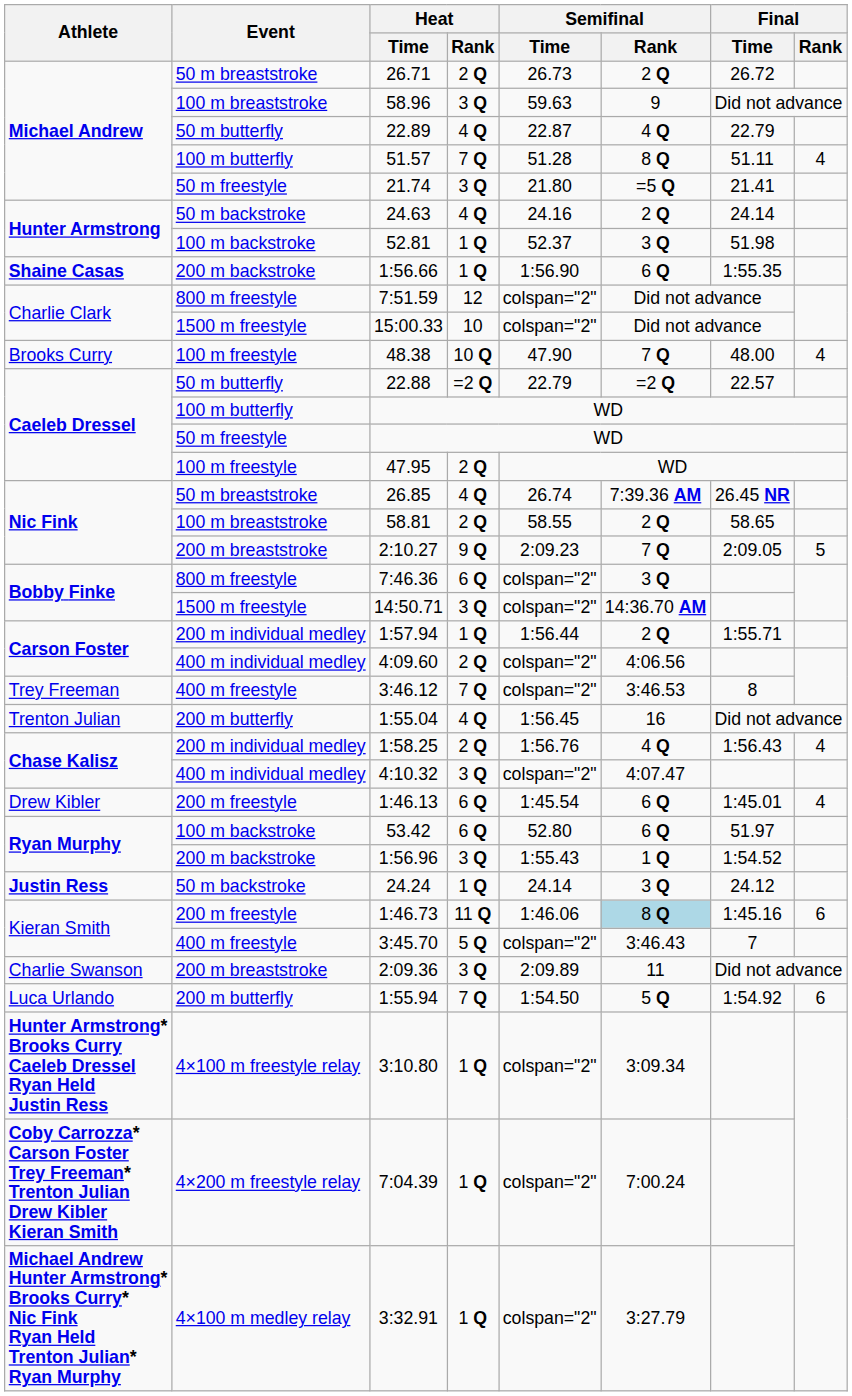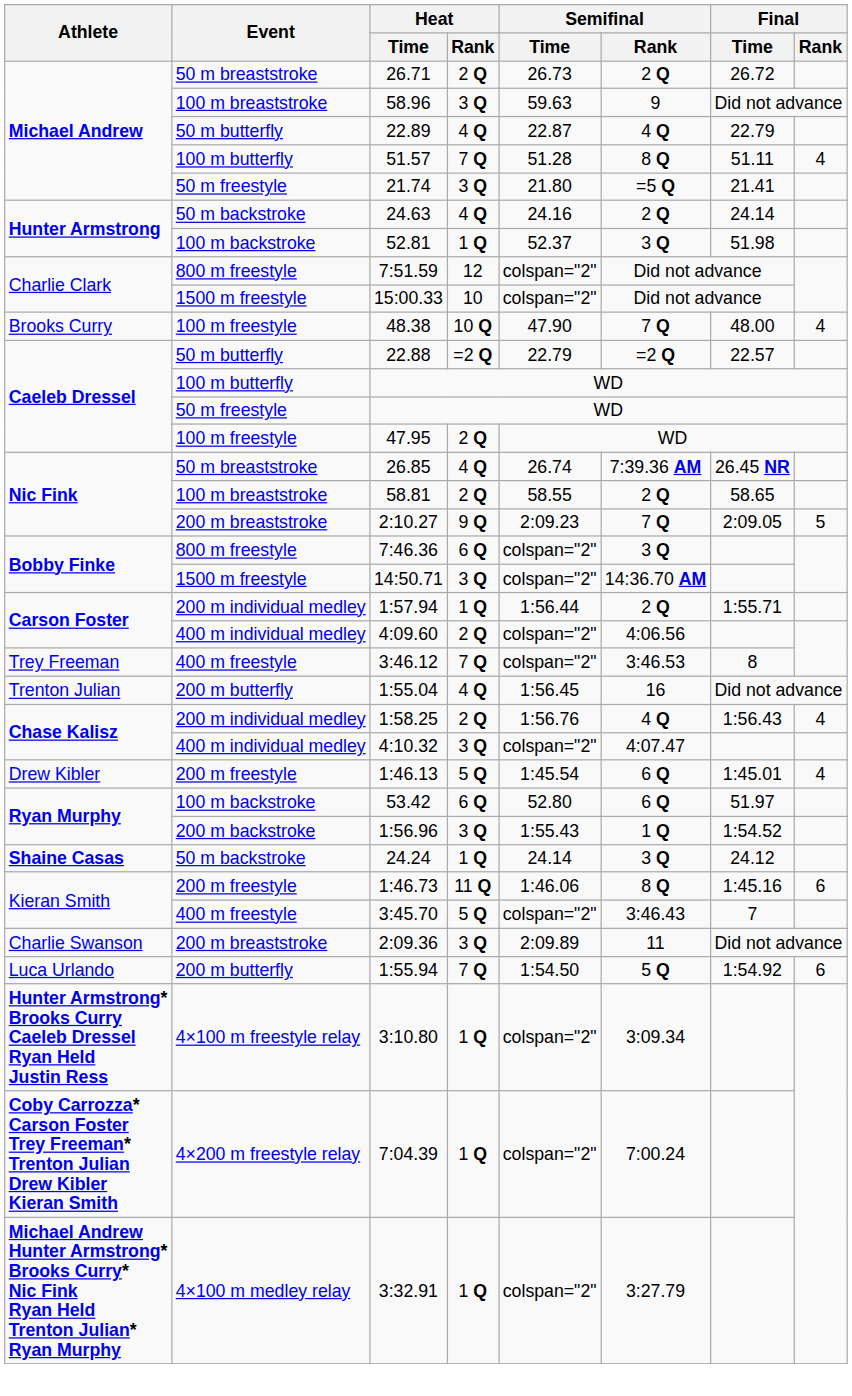 <table class="wikitable" style="font-size:90%;">
 <tr>
 <th rowspan="2">Athlete</th>
 <th rowspan="2">Event</th>
 <th colspan="2">Heat</th>
 <th colspan="2">Semifinal</th>
 <th colspan="2">Final</th>
 </tr>
 <tr>
 <th>Time</th>
 <th>Rank</th>
 <th>Time</th>
 <th>Rank</th>
 <th>Time</th>
 <th>Rank</th>
 </tr>
 <tr align="center">
 <td rowspan="5" align="left"><a href='#'><strong>Michael Andrew</strong></a></td>
 <td align="left"><a href='#'>50 m breaststroke</a></td>
 <td>26.71</td>
 <td>2 <strong>Q</strong></td>
 <td>26.73</td>
 <td>2 <strong>Q</strong></td>
 <td>26.72</td>
 <td></td>
 </tr>
 <tr align="center">
 <td align="left"><a href='#'>100 m breaststroke</a></td>
 <td>58.96</td>
 <td>3 <strong>Q</strong></td>
 <td>59.63</td>
 <td>9</td>
 <td colspan="2">Did not advance</td>
 </tr>
 <tr align="center">
 <td align="left"><a href='#'>50 m butterfly</a></td>
 <td>22.89</td>
 <td>4 <strong>Q</strong></td>
 <td>22.87</td>
 <td>4 <strong>Q</strong></td>
 <td>22.79</td>
 <td></td>
 </tr>
 <tr align="center">
 <td align="left"><a href='#'>100 m butterfly</a></td>
 <td>51.57</td>
 <td>7 <strong>Q</strong></td>
 <td>51.28</td>
 <td>8 <strong>Q</strong></td>
 <td>51.11</td>
 <td>4</td>
 </tr>
 <tr align="center">
 <td align="left"><a href='#'>50 m freestyle</a></td>
 <td>21.74</td>
 <td>3 <strong>Q</strong></td>
 <td>21.80</td>
 <td>=5 <strong>Q</strong></td>
 <td>21.41</td>
 <td></td>
 </tr>
 <tr align="center">
 <td rowspan="2" align="left"><strong><a href='#'>Hunter Armstrong</a></strong></td>
 <td align="left"><a href='#'>50 m backstroke</a></td>
 <td>24.63</td>
 <td>4 <strong>Q</strong></td>
 <td>24.16</td>
 <td>2 <strong>Q</strong></td>
 <td>24.14</td>
 <td></td>
 </tr>
 <tr align="center">
 <td align="left"><a href='#'>100 m backstroke</a></td>
 <td>52.81</td>
 <td>1 <strong>Q</strong></td>
 <td>52.37</td>
 <td>3 <strong>Q</strong></td>
 <td>51.98</td>
-<td></td>
-</tr>
-<tr align="center">
-<td align="left"><strong><a href='#'>Shaine Casas</a></strong></td>
-<td align="left"><a href='#'>200 m backstroke</a></td>
-<td>1:56.66</td>
-<td>1 <strong>Q</strong></td>
-<td>1:56.90</td>
-<td>6 <strong>Q</strong></td>
-<td>1:55.35</td>
 <td></td>
 </tr>
 <tr align="center">
 <td rowspan="2" align="left"><a href='#'>Charlie Clark</a></td>
 <td align="left"><a href='#'>800 m freestyle</a></td>
 <td>7:51.59</td>
 <td>12</td>
 <td>colspan="2" </td>
 <td colspan="2">Did not advance</td>
 </tr>
 <tr align="center">
 <td align="left"><a href='#'>1500 m freestyle</a></td>
 <td>15:00.33</td>
 <td>10</td>
 <td>colspan="2" </td>
 <td colspan="2">Did not advance</td>
 </tr>
 <tr align="center">
 <td align="left"><a href='#'>Brooks Curry</a></td>
 <td align="left"><a href='#'>100 m freestyle</a></td>
 <td>48.38</td>
 <td>10 <strong>Q</strong></td>
 <td>47.90</td>
 <td>7 <strong>Q</strong></td>
 <td>48.00</td>
 <td>4</td>
 </tr>
 <tr align="center">
 <td rowspan="4" align="left"><strong><a href='#'>Caeleb Dressel</a></strong></td>
 <td align="left"><a href='#'>50 m butterfly</a></td>
 <td>22.88</td>
 <td>=2 <strong>Q</strong></td>
 <td>22.79</td>
 <td>=2 <strong>Q</strong></td>
 <td>22.57</td>
 <td></td>
 </tr>
 <tr align="center">
 <td align="left"><a href='#'>100 m butterfly</a></td>
 <td colspan="6">WD</td>
 </tr>
 <tr align="center">
 <td align="left"><a href='#'>50 m freestyle</a></td>
 <td colspan="6">WD</td>
 </tr>
 <tr align="center">
 <td align="left"><a href='#'>100 m freestyle</a></td>
 <td>47.95</td>
 <td>2 <strong>Q</strong></td>
 <td colspan="4">WD</td>
 </tr>
 <tr align="center">
 <td rowspan="3" align="left"><strong><a href='#'>Nic Fink</a></strong></td>
 <td align="left"><a href='#'>50 m breaststroke</a></td>
 <td>26.85</td>
 <td>4 <strong>Q</strong></td>
 <td>26.74</td>
 <td>7:39.36 <strong><a href='#'>AM</a></strong></td>
 <td>26.45 <strong><a href='#'>NR</a></strong></td>
 <td></td>
 </tr>
 <tr align="center">
 <td align="left"><a href='#'>100 m breaststroke</a></td>
 <td>58.81</td>
 <td>2 <strong>Q</strong></td>
 <td>58.55</td>
 <td>2 <strong>Q</strong></td>
 <td>58.65</td>
 <td></td>
 </tr>
 <tr align="center">
 <td align="left"><a href='#'>200 m breaststroke</a></td>
 <td>2:10.27</td>
 <td>9 <strong>Q</strong></td>
 <td>2:09.23</td>
 <td>7 <strong>Q</strong></td>
 <td>2:09.05</td>
 <td>5</td>
 </tr>
 <tr align="center">
 <td rowspan="2" align="left"><a href='#'><strong>Bobby</strong> <strong>Finke</strong></a></td>
 <td align="left"><a href='#'>800 m freestyle</a></td>
 <td>7:46.36</td>
 <td>6 <strong>Q</strong></td>
 <td>colspan="2" </td>
 <td>3 <strong>Q</strong></td>
 <td></td>
 </tr>
 <tr align="center">
 <td align="left"><a href='#'>1500 m freestyle</a></td>
 <td>14:50.71</td>
 <td>3 <strong>Q</strong></td>
 <td>colspan="2" </td>
 <td>14:36.70 <strong><a href='#'>AM</a></strong></td>
 <td></td>
 </tr>
 <tr align="center">
 <td rowspan="2" align="left"><strong><a href='#'>Carson Foster</a></strong></td>
 <td align="left"><a href='#'>200 m individual medley</a></td>
 <td>1:57.94</td>
 <td>1 <strong>Q</strong></td>
 <td>1:56.44</td>
 <td>2 <strong>Q</strong></td>
 <td>1:55.71</td>
 <td></td>
 </tr>
 <tr align="center">
 <td align="left"><a href='#'>400 m individual medley</a></td>
 <td>4:09.60</td>
 <td>2 <strong>Q</strong></td>
 <td>colspan="2" </td>
 <td>4:06.56</td>
 <td></td>
 </tr>
 <tr align="center">
 <td align="left"><a href='#'>Trey Freeman</a></td>
 <td align="left"><a href='#'>400 m freestyle</a></td>
 <td>3:46.12</td>
 <td>7 <strong>Q</strong></td>
 <td>colspan="2" </td>
 <td>3:46.53</td>
 <td>8</td>
 </tr>
 <tr align="center">
 <td align="left"><a href='#'>Trenton Julian</a></td>
 <td align="left"><a href='#'>200 m butterfly</a></td>
 <td>1:55.04</td>
 <td>4 <strong>Q</strong></td>
 <td>1:56.45</td>
 <td>16</td>
 <td colspan="2">Did not advance</td>
 </tr>
 <tr align="center">
 <td rowspan="2" align="left"><strong><a href='#'>Chase Kalisz</a></strong></td>
 <td align="left"><a href='#'>200 m individual medley</a></td>
 <td>1:58.25</td>
 <td>2 <strong>Q</strong></td>
 <td>1:56.76</td>
 <td>4 <strong>Q</strong></td>
 <td>1:56.43</td>
 <td>4</td>
 </tr>
 <tr align="center">
 <td align="left"><a href='#'>400 m individual medley</a></td>
 <td>4:10.32</td>
 <td>3 <strong>Q</strong></td>
 <td>colspan="2" </td>
 <td>4:07.47</td>
 <td></td>
 </tr>
 <tr align="center">
 <td align="left"><a href='#'>Drew Kibler</a></td>
 <td align="left"><a href='#'>200 m freestyle</a></td>
 <td>1:46.13</td>
-<td>6 <strong>Q</strong></td>
+<td>5 <strong>Q</strong></td>
 <td>1:45.54</td>
 <td>6 <strong>Q</strong></td>
 <td>1:45.01</td>
 <td>4</td>
 </tr>
 <tr align="center">
 <td rowspan="2" align="left"><a href='#'><strong>Ryan Murphy</strong></a></td>
 <td align="left"><a href='#'>100 m backstroke</a></td>
 <td>53.42</td>
 <td>6 <strong>Q</strong></td>
 <td>52.80</td>
 <td>6 <strong>Q</strong></td>
 <td>51.97</td>
 <td></td>
 </tr>
 <tr align="center">
 <td align="left"><a href='#'>200 m backstroke</a></td>
 <td>1:56.96</td>
 <td>3 <strong>Q</strong></td>
 <td>1:55.43</td>
 <td>1 <strong>Q</strong></td>
 <td>1:54.52</td>
 <td></td>
 </tr>
 <tr align="center">
-<td align="left"><strong><a href='#'>Justin Ress</a></strong></td>
+<td align="left"><strong><a href='#'>Shaine Casas</a></strong></td>
 <td align="left"><a href='#'>50 m backstroke</a></td>
 <td>24.24</td>
 <td>1 <strong>Q</strong></td>
 <td>24.14</td>
 <td>3 <strong>Q</strong></td>
 <td>24.12</td>
 <td></td>
 </tr>
 <tr align="center">
 <td rowspan="2" align="left"><a href='#'>Kieran Smith</a></td>
 <td align="left"><a href='#'>200 m freestyle</a></td>
 <td>1:46.73</td>
 <td>11 <strong>Q</strong></td>
 <td>1:46.06</td>
-<td style="background: lightblue;">8 <strong>Q</strong></td>
+<td>8 <strong>Q</strong></td>
 <td>1:45.16</td>
 <td>6</td>
 </tr>
 <tr align="center">
 <td align="left"><a href='#'>400 m freestyle</a></td>
 <td>3:45.70</td>
 <td>5 <strong>Q</strong></td>
 <td>colspan="2" </td>
 <td>3:46.43</td>
 <td>7</td>
 </tr>
 <tr align="center">
 <td align="left"><a href='#'>Charlie Swanson</a></td>
 <td align="left"><a href='#'>200 m breaststroke</a></td>
 <td>2:09.36</td>
 <td>3 <strong>Q</strong></td>
 <td>2:09.89</td>
 <td>11</td>
 <td colspan="2">Did not advance</td>
 </tr>
 <tr align="center">
 <td align="left"><a href='#'>Luca Urlando</a></td>
 <td align="left"><a href='#'>200 m butterfly</a></td>
 <td>1:55.94</td>
 <td>7 <strong>Q</strong></td>
 <td>1:54.50</td>
 <td>5 <strong>Q</strong></td>
 <td>1:54.92</td>
 <td>6</td>
 </tr>
 <tr align="center">
 <td align="left"><strong><a href='#'>Hunter Armstrong</a>*<br><a href='#'>Brooks Curry</a><br><a href='#'>Caeleb Dressel</a><br><a href='#'>Ryan Held</a><br><a href='#'>Justin Ress</a></strong></td>
 <td align="left"><a href='#'>4×100 m freestyle relay</a></td>
 <td>3:10.80</td>
 <td>1 <strong>Q</strong></td>
 <td>colspan="2" </td>
 <td>3:09.34</td>
 <td></td>
 </tr>
 <tr align="center">
 <td align="left"><strong><a href='#'>Coby Carrozza</a>*<br><a href='#'>Carson Foster</a><br><a href='#'>Trey Freeman</a>*<br><a href='#'>Trenton Julian</a><br><a href='#'>Drew Kibler</a><br><a href='#'>Kieran Smith</a></strong></td>
 <td align="left"><a href='#'>4×200 m freestyle relay</a></td>
 <td>7:04.39</td>
 <td>1 <strong>Q</strong></td>
 <td>colspan="2" </td>
 <td>7:00.24</td>
 <td></td>
 </tr>
 <tr align="center">
 <td align="left"><strong><a href='#'>Michael Andrew</a><br><a href='#'>Hunter Armstrong</a>*<br><a href='#'>Brooks Curry</a>*<br><a href='#'>Nic Fink</a><br><a href='#'>Ryan Held</a><br><a href='#'>Trenton Julian</a>*<br><a href='#'>Ryan Murphy</a></strong></td>
 <td align="left"><a href='#'>4×100 m medley relay</a></td>
 <td>3:32.91</td>
 <td>1 <strong>Q</strong></td>
 <td>colspan="2" </td>
 <td>3:27.79</td>
 <td></td>
 </tr>
 </table>
